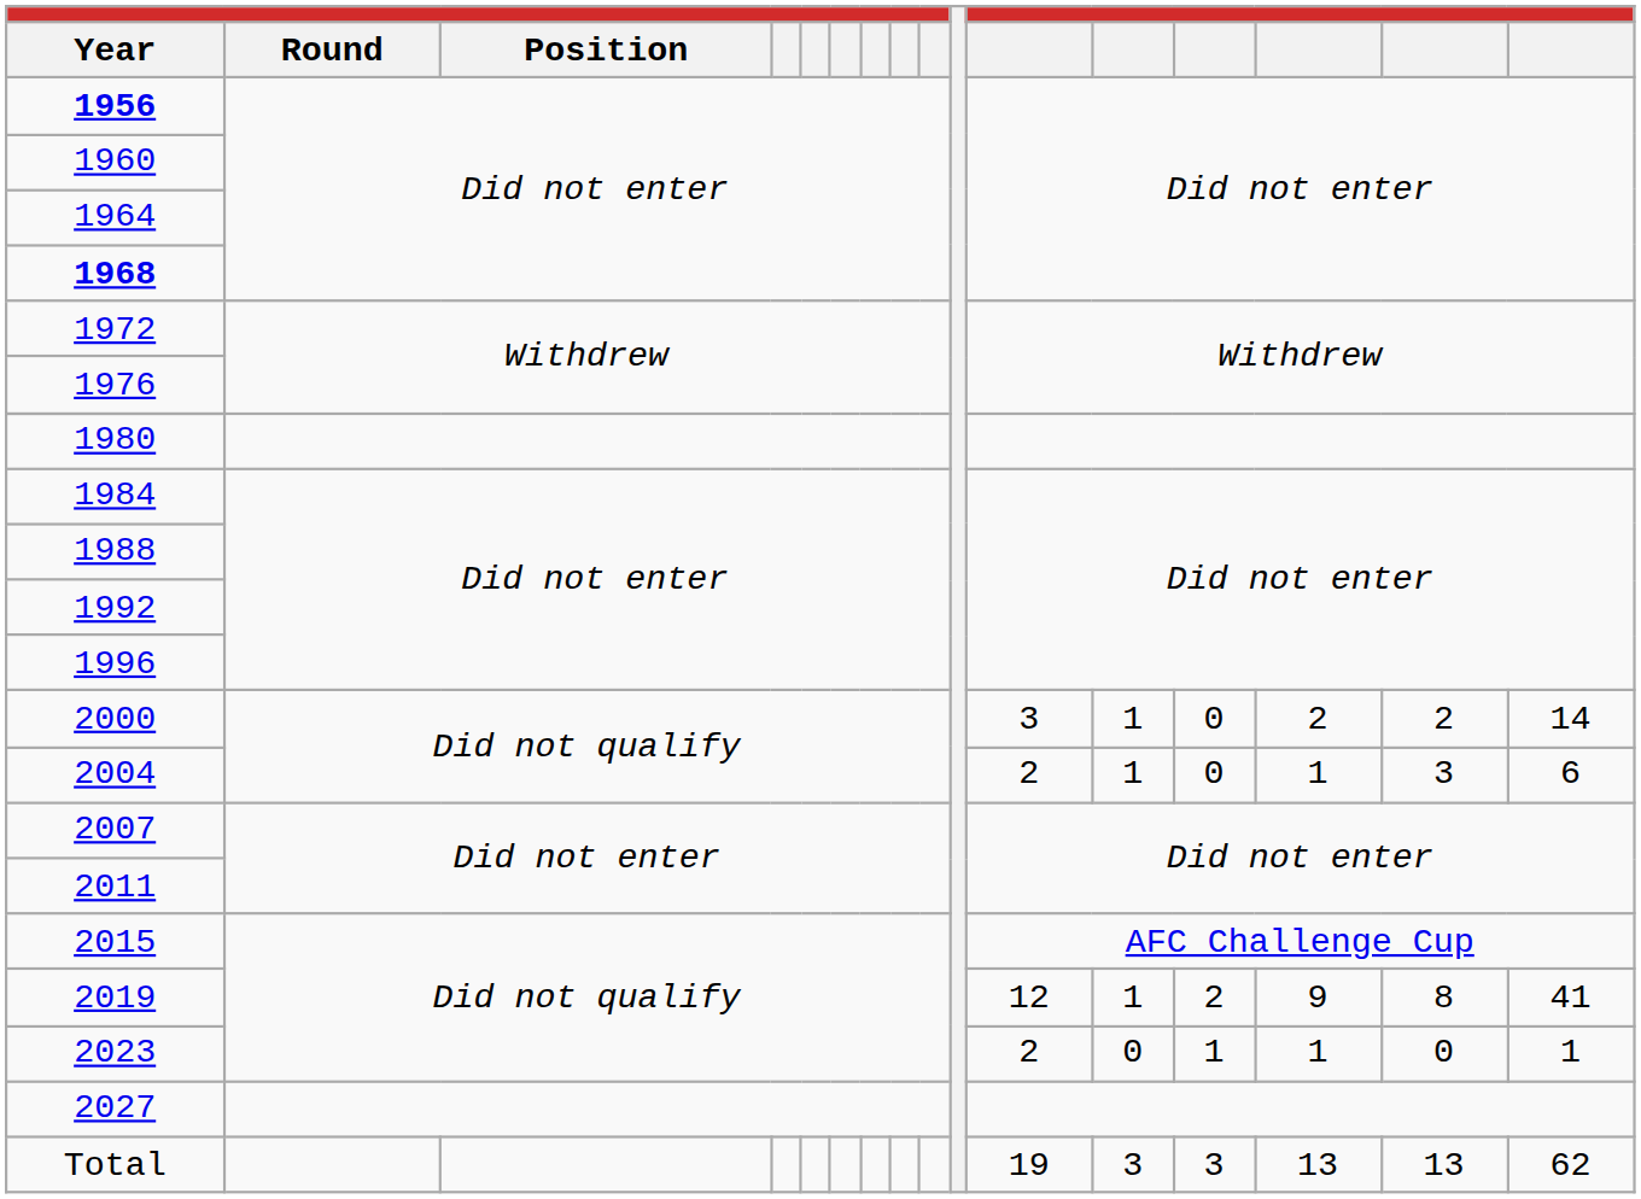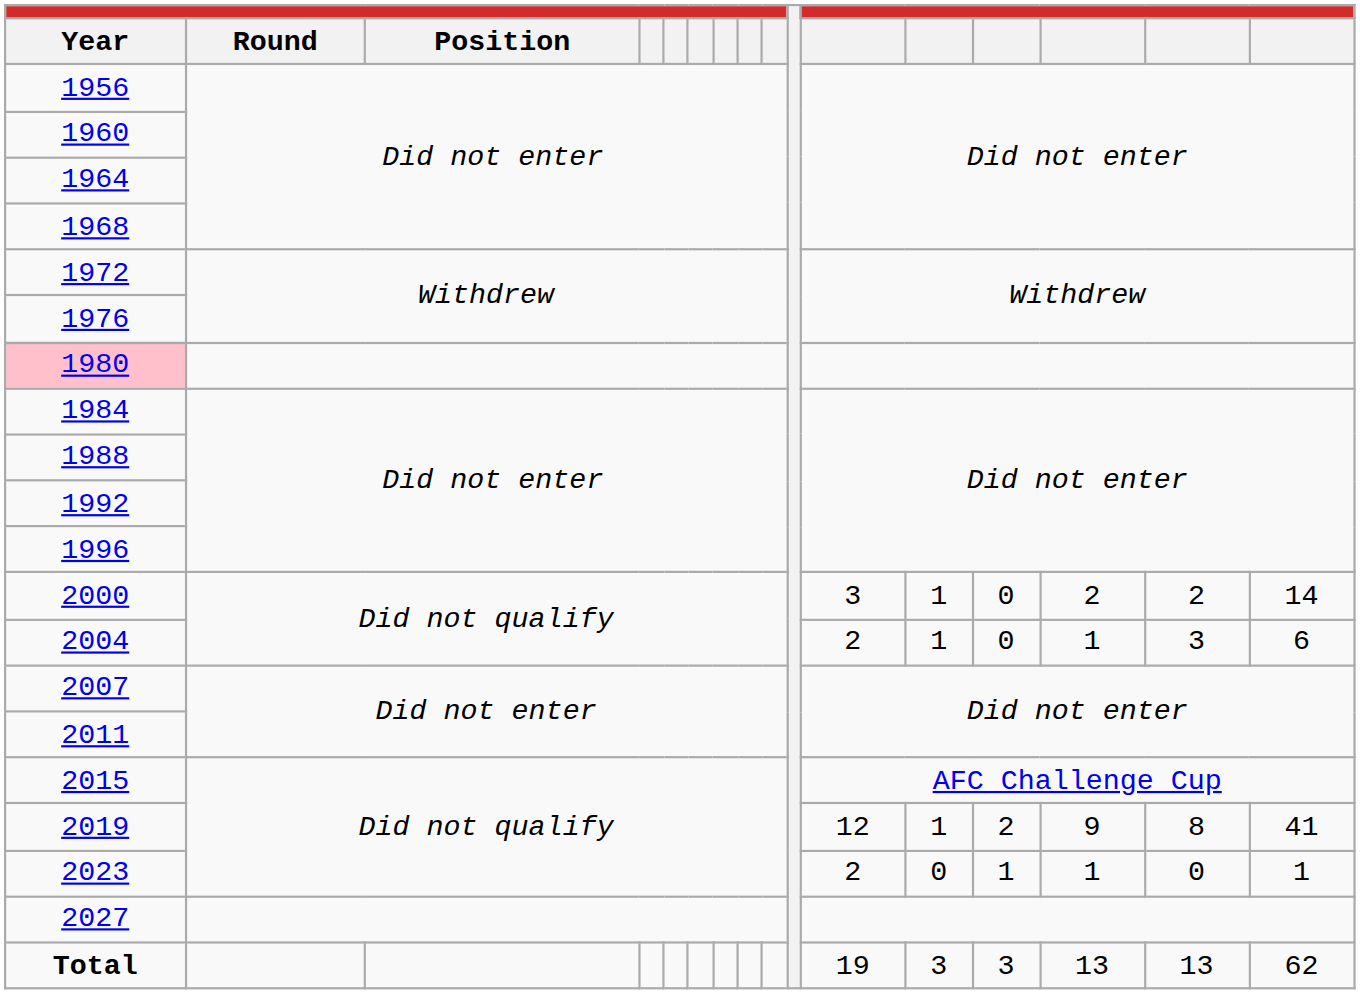 <table class="wikitable" style="text-align:center">
 <tr>
 <th colspan=9 style="background: #D22B2B; color: #FFFFFF;"><a href='#'></a></th>
 <th width=1% rowspan=40></th>
 <th colspan=6 style="background: #D22B2B; color: #FFFFFF;"><a href='#'></a></th>
 </tr>
 <tr>
 <th>Year</th>
 <th>Round</th>
 <th>Position</th>
 <th></th>
 <th></th>
 <th></th>
 <th></th>
 <th></th>
 <th></th>
 <th></th>
 <th></th>
 <th></th>
 <th></th>
 <th></th>
 <th></th>
 </tr>
 <tr>
-<td><strong> <a href='#'>1956</a></strong></td>
+<td> <a href='#'>1956</a></td>
 <td colspan=9 rowspan=4><em>Did not enter</em></td>
 <td colspan="6" rowspan="4"><em>Did not enter</em></td>
 </tr>
 <tr>
 <td> <a href='#'>1960</a></td>
 </tr>
 <tr>
 <td> <a href='#'>1964</a></td>
 </tr>
 <tr>
-<td><strong> <a href='#'>1968</a></strong></td>
+<td> <a href='#'>1968</a></td>
 </tr>
 <tr>
 <td> <a href='#'>1972</a></td>
 <td colspan=8 rowspan=3><em>Withdrew</em></td>
 <td colspan=6 rowspan=3><em>Withdrew</em></td>
 </tr>
 <tr>
 <td> <a href='#'>1976</a></td>
 </tr>
 <tr>
 </tr>
 <tr>
-<td> <a href='#'>1980</a></td>
+<td style="background: pink;"> <a href='#'>1980</a></td>
 </tr>
 <tr>
 <td> <a href='#'>1984</a></td>
 <td colspan=9 rowspan=4><em>Did not enter</em></td>
 <td colspan="6" rowspan="4"><em>Did not enter</em></td>
 </tr>
 <tr>
 <td> <a href='#'>1988</a></td>
 </tr>
 <tr>
 <td> <a href='#'>1992</a></td>
 </tr>
 <tr>
 <td> <a href='#'>1996</a></td>
 </tr>
 <tr>
 <td> <a href='#'>2000</a></td>
 <td rowspan=2 colspan=8><em>Did not qualify</em></td>
 <td>3</td>
 <td>1</td>
 <td>0</td>
 <td>2</td>
 <td>2</td>
 <td>14</td>
 </tr>
 <tr>
 <td> <a href='#'>2004</a></td>
 <td>2</td>
 <td>1</td>
 <td>0</td>
 <td>1</td>
 <td>3</td>
 <td>6</td>
 </tr>
 <tr>
 <td>    <a href='#'>2007</a></td>
 <td rowspan=2 colspan=8><em>Did not enter</em></td>
 <td rowspan=2 colspan=6><em>Did not enter</em></td>
 </tr>
 <tr>
 <td> <a href='#'>2011</a></td>
 </tr>
 <tr>
 <td> <a href='#'>2015</a></td>
 <td rowspan=3 colspan=8><em>Did not qualify</em></td>
 <td colspan=6><a href='#'>AFC Challenge Cup</a></td>
 </tr>
 <tr>
 <td> <a href='#'>2019</a></td>
 <td>12</td>
 <td>1</td>
 <td>2</td>
 <td>9</td>
 <td>8</td>
 <td>41</td>
 </tr>
 <tr>
 <td> <a href='#'>2023</a></td>
 <td>2</td>
 <td>0</td>
 <td>1</td>
 <td>1</td>
 <td>0</td>
 <td>1</td>
 </tr>
 <tr>
 <td> <a href='#'>2027</a></td>
 <td colspan=8></td>
 <td colspan=6></td>
 </tr>
 <tr>
-<td>Total</td>
+<td><strong>Total</strong></td>
 <td></td>
 <td></td>
 <td></td>
 <td></td>
 <td></td>
 <td></td>
 <td></td>
 <td></td>
 <td>19</td>
 <td>3</td>
 <td>3</td>
 <td>13</td>
 <td>13</td>
 <td>62</td>
 </tr>
 </table>
